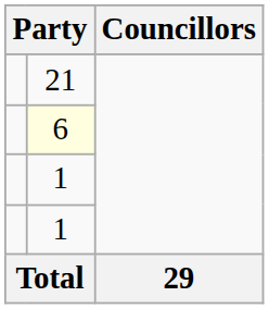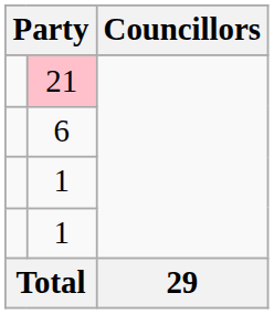 <table class="wikitable">
 <tr>
 <th colspan=2>Party</th>
 <th>Councillors</th>
 </tr>
 <tr>
 <td></td>
-<td align=center>21</td>
+<td align=center style="background: pink;">21</td>
 </tr>
 <tr>
 <td></td>
-<td align=center style="background: lightyellow;">6</td>
+<td align=center>6</td>
 </tr>
 <tr>
 <td></td>
 <td align=center>1</td>
 </tr>
 <tr>
 <td></td>
 <td align=center>1</td>
 </tr>
 <tr>
 <th colspan=2>Total</th>
 <th align=center>29</th>
 </tr>
 </table>
